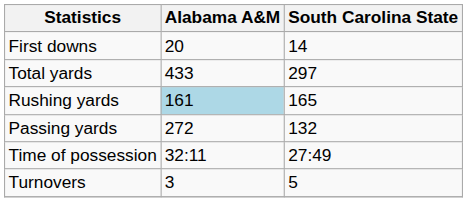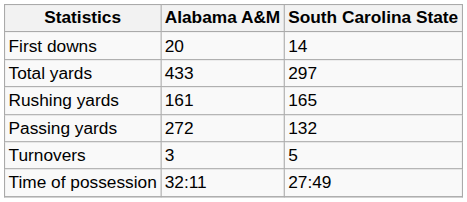 <table class="wikitable">
 <tr>
 <th>Statistics</th>
 <th>Alabama A&M</th>
 <th>South Carolina State</th>
 </tr>
 <tr>
 <td>First downs</td>
 <td>20</td>
 <td>14</td>
 </tr>
 <tr>
 <td>Total yards</td>
 <td>433</td>
 <td>297</td>
 </tr>
 <tr>
 <td>Rushing yards</td>
-<td style="background: lightblue;">161</td>
+<td>161</td>
 <td>165</td>
 </tr>
 <tr>
 <td>Passing yards</td>
 <td>272</td>
 <td>132</td>
 </tr>
 <tr>
+<td>Turnovers</td>
+<td>3</td>
+<td>5</td>
+</tr>
+<tr>
 <td>Time of possession</td>
 <td>32:11</td>
 <td>27:49</td>
 </tr>
 <tr>
-<td>Turnovers</td>
-<td>3</td>
-<td>5</td>
-</tr>
-<tr>
 </tr>
 </table>
